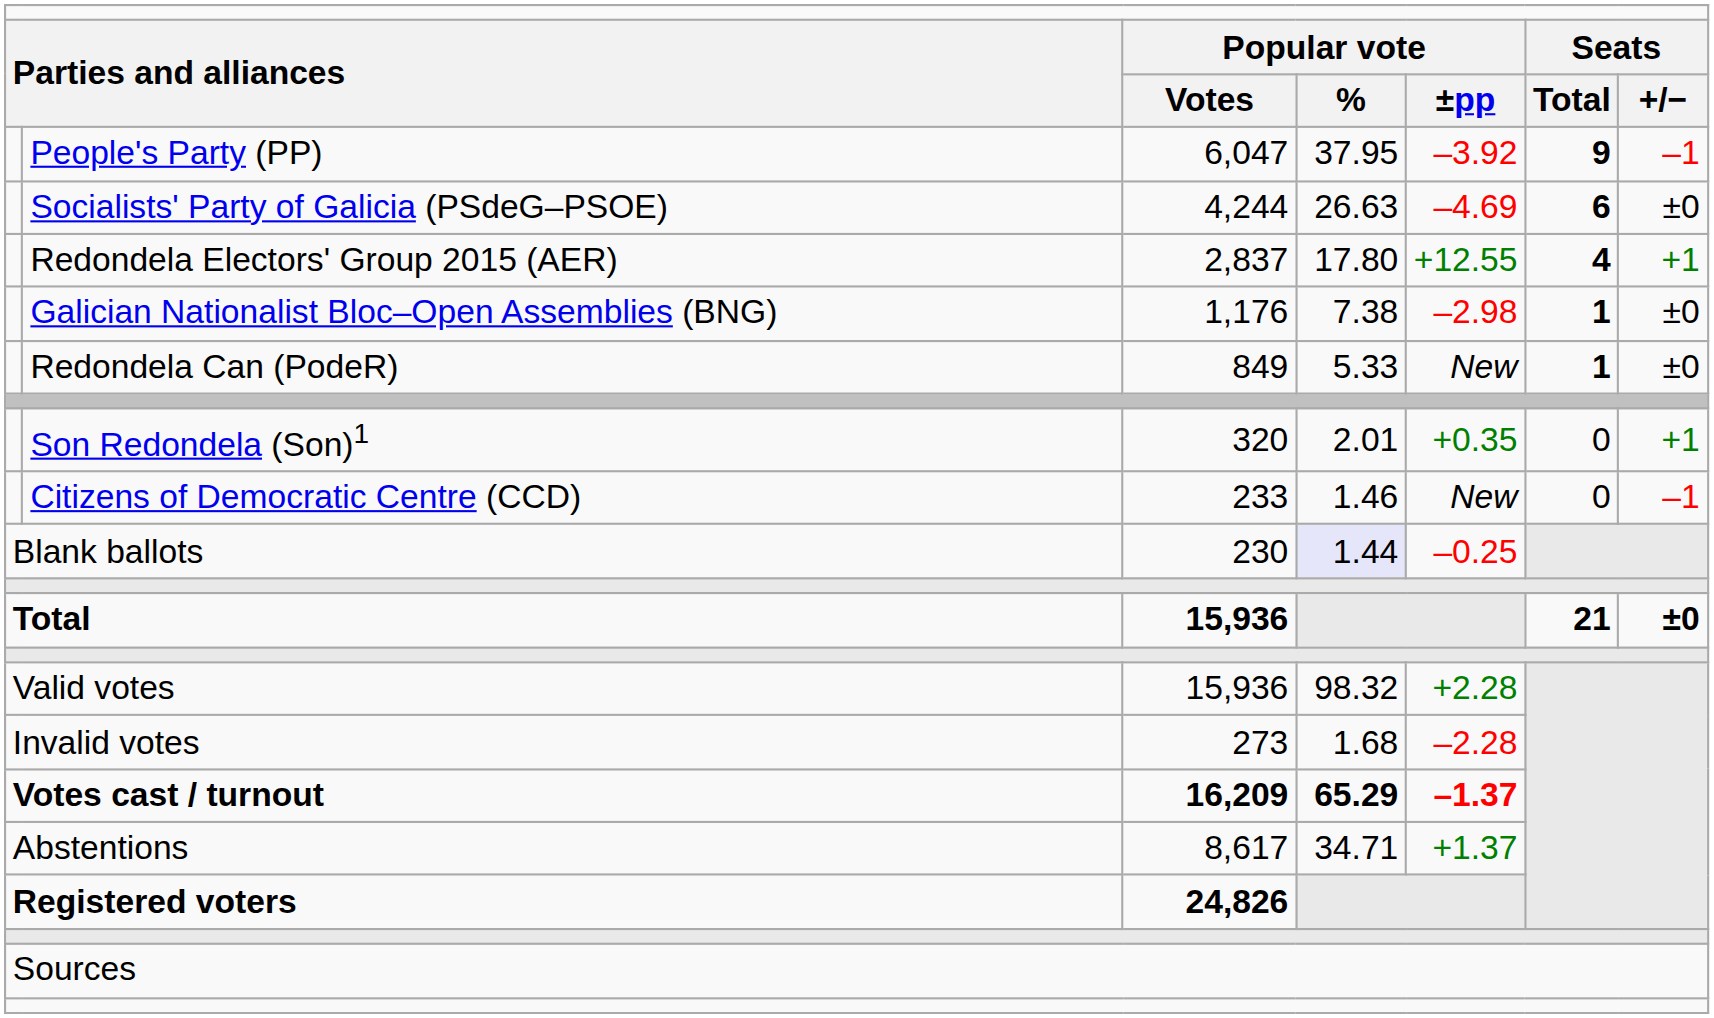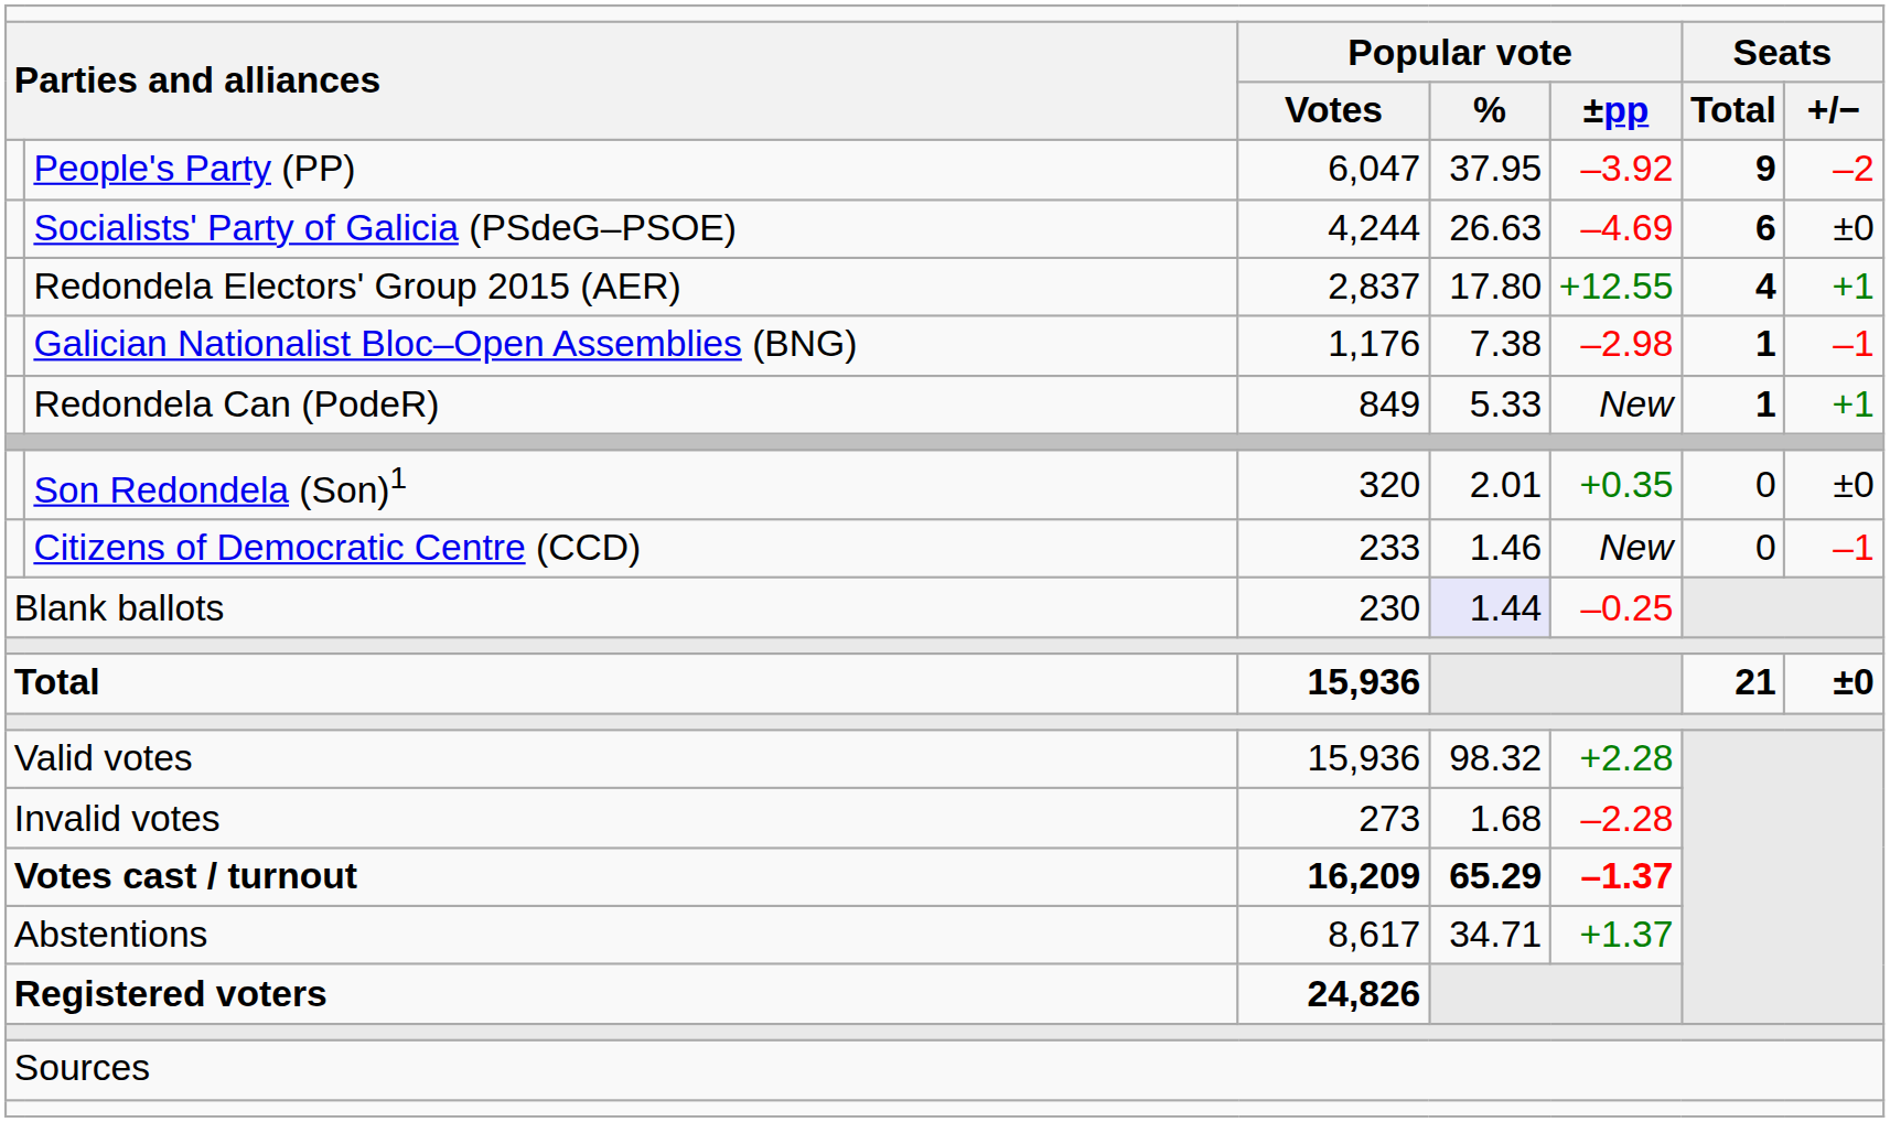 <table class="wikitable" style="text-align:right;">
 <tr>
 <td colspan="7"></td>
 </tr>
 <tr>
 <th style="text-align:left;" rowspan="2" colspan="2" width="525">Parties and alliances</th>
 <th colspan="3">Popular vote</th>
 <th colspan="2">Seats</th>
 </tr>
 <tr>
 <th width="75">Votes</th>
 <th width="45">%</th>
 <th width="45">±<a href='#'>pp</a></th>
 <th width="35">Total</th>
 <th width="35">+/−</th>
 </tr>
 <tr>
 <td width="1" style="color:inherit;background:"></td>
 <td align="left"><a href='#'>People's Party</a> (PP)</td>
 <td>6,047</td>
 <td>37.95</td>
 <td style="color:red;">–3.92</td>
 <td><strong>9</strong></td>
-<td style="color:red;">–1</td>
+<td style="color:red;">–2</td>
 </tr>
 <tr>
 <td style="color:inherit;background:"></td>
 <td align="left"><a href='#'>Socialists' Party of Galicia</a> (PSdeG–PSOE)</td>
 <td>4,244</td>
 <td>26.63</td>
 <td style="color:red;">–4.69</td>
 <td><strong>6</strong></td>
 <td>±0</td>
 </tr>
 <tr>
 <td style="color:inherit;background:"></td>
 <td align="left">Redondela Electors' Group 2015 (AER)</td>
 <td>2,837</td>
 <td>17.80</td>
 <td style="color:green;">+12.55</td>
 <td><strong>4</strong></td>
 <td style="color:green;">+1</td>
 </tr>
 <tr>
 <td style="color:inherit;background:"></td>
 <td align="left"><a href='#'>Galician Nationalist Bloc–Open Assemblies</a> (BNG)</td>
 <td>1,176</td>
 <td>7.38</td>
 <td style="color:red;">–2.98</td>
 <td><strong>1</strong></td>
-<td>±0</td>
+<td style="color:red;">–1</td>
 </tr>
 <tr>
 <td style="color:inherit;background:"></td>
 <td align="left">Redondela Can (PodeR)</td>
 <td>849</td>
 <td>5.33</td>
 <td><em>New</em></td>
 <td><strong>1</strong></td>
-<td>±0</td>
+<td style="color:green;">+1</td>
 </tr>
 <tr>
 <td colspan="7" bgcolor="#C0C0C0"></td>
 </tr>
 <tr>
 <td style="color:inherit;background:"></td>
 <td align="left"><a href='#'>Son Redondela</a> (Son)<sup>1</sup></td>
 <td>320</td>
 <td>2.01</td>
 <td style="color:green;">+0.35</td>
 <td>0</td>
-<td style="color:green;">+1</td>
+<td>±0</td>
 </tr>
 <tr>
 <td style="color:inherit;background:"></td>
 <td align="left"><a href='#'>Citizens of Democratic Centre</a> (CCD)</td>
 <td>233</td>
 <td>1.46</td>
 <td><em>New</em></td>
 <td>0</td>
 <td style="color:red;">–1</td>
 </tr>
 <tr>
 <td align="left" colspan="2">Blank ballots</td>
 <td>230</td>
 <td style="background: lavender;">1.44</td>
 <td style="color:red;">–0.25</td>
 <td bgcolor="#E9E9E9" colspan="2"></td>
 </tr>
 <tr>
 <td colspan="7" bgcolor="#E9E9E9"></td>
 </tr>
 <tr style="font-weight:bold;">
 <td align="left" colspan="2">Total</td>
 <td>15,936</td>
 <td bgcolor="#E9E9E9" colspan="2"></td>
 <td>21</td>
 <td>±0</td>
 </tr>
 <tr>
 <td colspan="7" bgcolor="#E9E9E9"></td>
 </tr>
 <tr>
 <td align="left" colspan="2">Valid votes</td>
 <td>15,936</td>
 <td>98.32</td>
 <td style="color:green;">+2.28</td>
 <td bgcolor="#E9E9E9" colspan="2" rowspan="5"></td>
 </tr>
 <tr>
 <td align="left" colspan="2">Invalid votes</td>
 <td>273</td>
 <td>1.68</td>
 <td style="color:red;">–2.28</td>
 </tr>
 <tr style="font-weight:bold;">
 <td align="left" colspan="2">Votes cast / turnout</td>
 <td>16,209</td>
 <td>65.29</td>
 <td style="color:red;">–1.37</td>
 </tr>
 <tr>
 <td align="left" colspan="2">Abstentions</td>
 <td>8,617</td>
 <td>34.71</td>
 <td style="color:green;">+1.37</td>
 </tr>
 <tr style="font-weight:bold;">
 <td align="left" colspan="2">Registered voters</td>
 <td>24,826</td>
 <td bgcolor="#E9E9E9" colspan="2"></td>
 </tr>
 <tr>
 <td colspan="7" bgcolor="#E9E9E9"></td>
 </tr>
 <tr>
 <td align="left" colspan="7">Sources</td>
 </tr>
 <tr>
 <td colspan="7" style="text-align:left; max-width:790px;"></td>
 </tr>
 </table>
